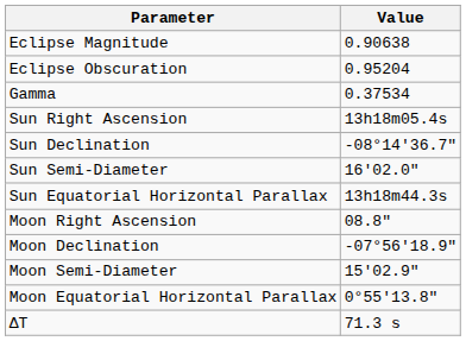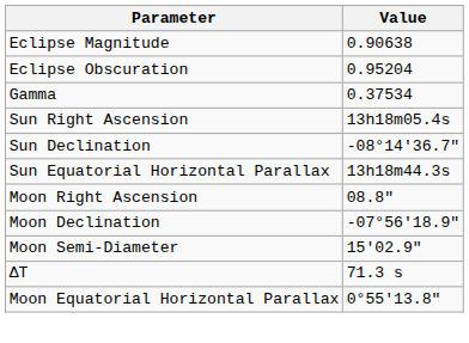 <table class="wikitable">
 <tr>
 <th>Parameter</th>
 <th>Value</th>
 </tr>
 <tr>
 <td>Eclipse Magnitude</td>
 <td>0.90638</td>
 </tr>
 <tr>
 <td>Eclipse Obscuration</td>
 <td>0.95204</td>
 </tr>
 <tr>
 <td>Gamma</td>
 <td>0.37534</td>
 </tr>
 <tr>
 <td>Sun Right Ascension</td>
 <td>13h18m05.4s</td>
 </tr>
 <tr>
 <td>Sun Declination</td>
 <td>-08°14'36.7"</td>
 </tr>
 <tr>
-<td>Sun Semi-Diameter</td>
-<td>16'02.0"</td>
-</tr>
-<tr>
 <td>Sun Equatorial Horizontal Parallax</td>
 <td>13h18m44.3s</td>
 </tr>
 <tr>
 <td>Moon Right Ascension</td>
 <td>08.8"</td>
 </tr>
 <tr>
 <td>Moon Declination</td>
 <td>-07°56'18.9"</td>
 </tr>
 <tr>
 <td>Moon Semi-Diameter</td>
 <td>15'02.9"</td>
 </tr>
 <tr>
+<td>ΔT</td>
+<td>71.3 s</td>
+</tr>
+<tr>
 <td>Moon Equatorial Horizontal Parallax</td>
 <td>0°55'13.8"</td>
 </tr>
-<tr>
-<td>ΔT</td>
-<td>71.3 s</td>
-</tr>
 </table>
